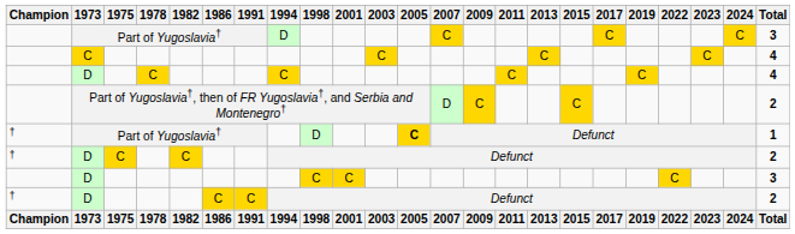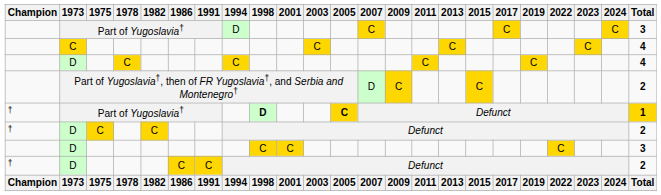 <table class="wikitable" style="text-align: center; font-size: 90%; margin-left: 1em;">
 <tr>
 <th>Champion</th>
 <th>1973</th>
 <th>1975</th>
 <th>1978</th>
 <th>1982</th>
 <th>1986</th>
 <th>1991</th>
 <th>1994</th>
 <th>1998</th>
 <th>2001</th>
 <th>2003</th>
 <th>2005</th>
 <th>2007</th>
 <th>2009</th>
 <th>2011</th>
 <th>2013</th>
 <th>2015</th>
 <th>2017</th>
 <th>2019</th>
 <th>2022</th>
 <th>2023</th>
 <th>2024</th>
 <th>Total</th>
 </tr>
 <tr>
 <td style="text-align: left;"></td>
 <td colspan="6" style="background-color: #f2f2f2;">Part of <em>Yugoslavia</em><sup>†</sup></td>
 <td style="background-color: #ccffcc;">D</td>
 <td></td>
 <td></td>
 <td></td>
 <td></td>
 <td style="background-color: gold;">C</td>
 <td></td>
 <td></td>
 <td></td>
 <td></td>
 <td style="background-color: gold;">C</td>
 <td></td>
 <td></td>
 <td></td>
 <td style="background-color: gold;">C</td>
 <td><strong>3</strong></td>
 </tr>
 <tr>
 <td style="text-align: left;"></td>
 <td style="background-color: gold;">C</td>
 <td></td>
 <td></td>
 <td></td>
 <td></td>
 <td></td>
 <td></td>
 <td></td>
 <td></td>
 <td style="background-color: gold;">C</td>
 <td></td>
 <td></td>
 <td></td>
 <td></td>
 <td style="background-color: gold;">C</td>
 <td></td>
 <td></td>
 <td></td>
 <td></td>
 <td style="background-color: gold;">C</td>
 <td></td>
 <td><strong>4</strong></td>
 </tr>
 <tr>
 <td style="text-align: left;"></td>
 <td style="background-color: #ccffcc;">D</td>
 <td></td>
 <td style="background-color: gold;">C</td>
 <td></td>
 <td></td>
 <td></td>
 <td style="background-color: gold;">C</td>
 <td></td>
 <td></td>
 <td></td>
 <td></td>
 <td></td>
 <td></td>
 <td style="background-color: gold;">C</td>
 <td></td>
 <td></td>
 <td></td>
 <td style="background-color: gold;">C</td>
 <td></td>
 <td></td>
 <td></td>
 <td><strong>4</strong></td>
 </tr>
 <tr>
 <td style="text-align: left;"></td>
 <td colspan="11" style="background-color: #f2f2f2;">Part of <em>Yugoslavia</em><sup>†</sup>, then of <em>FR Yugoslavia</em><sup>†</sup>, and <em>Serbia and Montenegro</em><sup>†</sup></td>
 <td style="background-color: #ccffcc;">D</td>
 <td style="background-color: gold;">C</td>
 <td></td>
 <td></td>
 <td style="background-color: gold;">C</td>
 <td></td>
 <td></td>
 <td></td>
 <td></td>
 <td></td>
 <td><strong>2</strong></td>
 </tr>
 <tr>
 <td style="text-align: left;"><em></em><sup>†</sup></td>
 <td colspan="6" style="background-color: #f2f2f2;">Part of <em>Yugoslavia</em><sup>†</sup></td>
 <td></td>
-<td style="background-color: #ccffcc;">D</td>
+<td style="background-color: #ccffcc;"><strong>D</strong></td>
 <td></td>
 <td></td>
 <td style="background-color: gold;"><strong>C</strong></td>
 <td colspan="10" style="background-color: #f2f2f2;"><em>Defunct</em></td>
-<td><strong>1</strong></td>
+<td style="background: gold;"><strong>1</strong></td>
 </tr>
 <tr>
 <td style="text-align: left;"><em></em><sup>†</sup></td>
 <td style="background-color: #ccffcc;">D</td>
 <td style="background-color: gold;">C</td>
 <td></td>
 <td style="background-color: gold;">C</td>
 <td></td>
 <td></td>
 <td colspan="15" style="background-color: #f2f2f2;"><em>Defunct</em></td>
 <td><strong>2</strong></td>
 </tr>
 <tr>
 <td style="text-align: left;"></td>
 <td style="background-color: #ccffcc;">D</td>
 <td></td>
 <td></td>
 <td></td>
 <td></td>
 <td></td>
 <td></td>
 <td style="background-color: gold;">C</td>
 <td style="background-color: gold;">C</td>
 <td></td>
 <td></td>
 <td></td>
 <td></td>
 <td></td>
 <td></td>
 <td></td>
 <td></td>
 <td></td>
 <td style="background-color: gold;">C</td>
 <td></td>
 <td></td>
 <td><strong>3</strong></td>
 </tr>
 <tr>
 <td style="text-align: left;"><em></em><sup>†</sup></td>
 <td style="background-color: #ccffcc;">D</td>
 <td></td>
 <td></td>
 <td></td>
 <td style="background-color: gold;">C</td>
 <td style="background-color: gold;">C</td>
 <td colspan="15" style="background-color: #f2f2f2;"><em>Defunct</em></td>
 <td><strong>2</strong></td>
 </tr>
 <tr>
 <th>Champion</th>
 <th>1973</th>
 <th>1975</th>
 <th>1978</th>
 <th>1982</th>
 <th>1986</th>
 <th>1991</th>
 <th>1994</th>
 <th>1998</th>
 <th>2001</th>
 <th>2003</th>
 <th>2005</th>
 <th>2007</th>
 <th>2009</th>
 <th>2011</th>
 <th>2013</th>
 <th>2015</th>
 <th>2017</th>
 <th>2019</th>
 <th>2022</th>
 <th>2023</th>
 <th>2024</th>
 <th>Total</th>
 </tr>
 </table>
